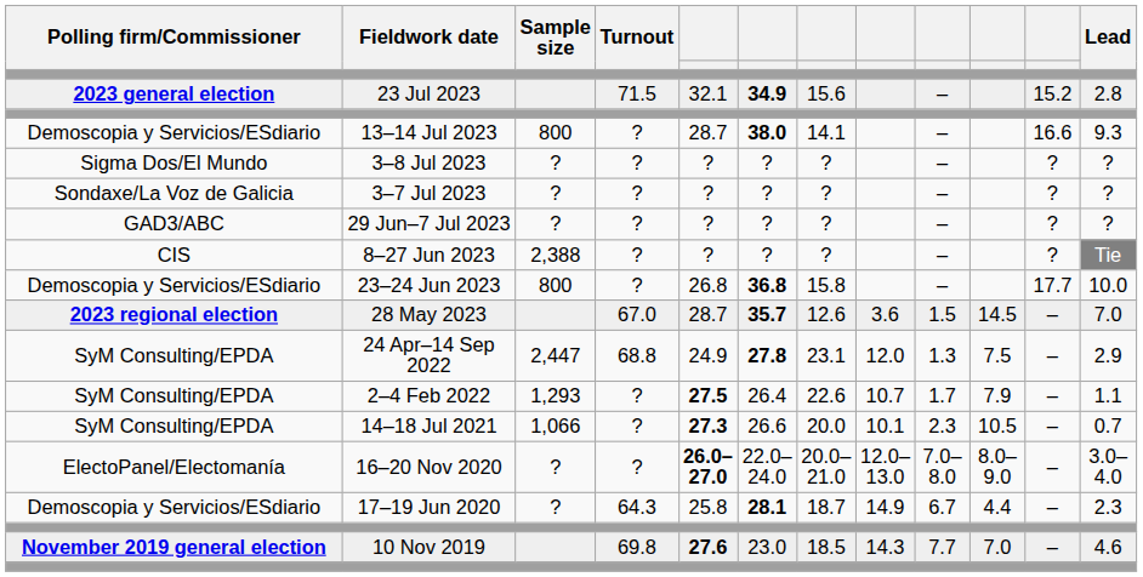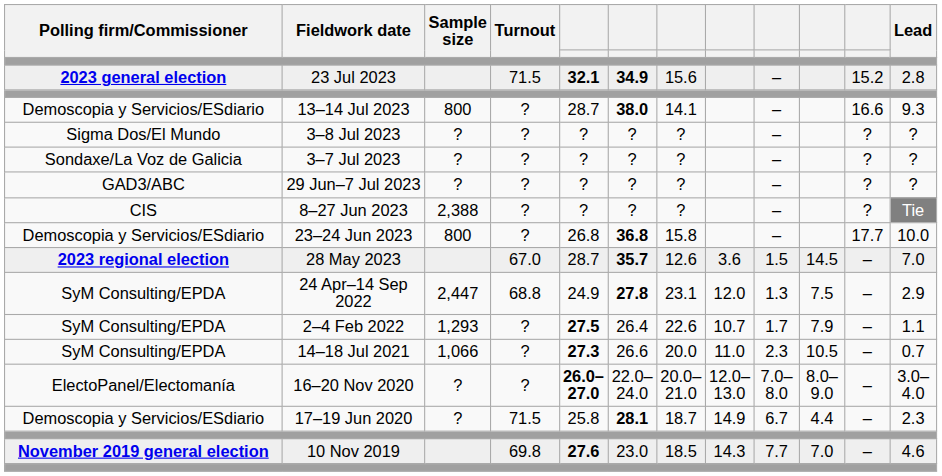 <table class="wikitable collapsible collapsed" style="text-align:center; font-size:95%; line-height:16px;">
 <tr style="height:42px;">
 <th style="width:250px;" rowspan="2">Polling firm/Commissioner</th>
 <th style="width:125px;" rowspan="2">Fieldwork date</th>
 <th style="width:50px;" rowspan="2">Sample size</th>
 <th style="width:45px;" rowspan="2">Turnout</th>
 <th style="width:35px;"></th>
 <th style="width:35px;"></th>
 <th style="width:35px;"></th>
 <th style="width:35px;"></th>
 <th style="width:35px;"></th>
 <th style="width:35px;"></th>
 <th style="width:35px;"></th>
 <th style="width:30px;" rowspan="2">Lead</th>
 </tr>
 <tr>
 <th style="color:inherit;background:"></th>
 <th style="color:inherit;background:"></th>
 <th style="color:inherit;background:"></th>
 <th style="color:inherit;background:"></th>
 <th style="color:inherit;background:"></th>
 <th style="color:inherit;background:"></th>
 <th style="color:inherit;background:"></th>
 </tr>
 <tr>
 <td colspan="12" style="background:#A0A0A0"></td>
 </tr>
 <tr style="background:#EFEFEF;">
 <td><strong><a href='#'>2023 general election</a></strong></td>
 <td>23 Jul 2023</td>
 <td></td>
 <td>71.5</td>
-<td>32.1<br></td>
+<td><strong>32.1<br></strong></td>
 <td><strong>34.9</strong><br></td>
 <td>15.6<br></td>
 <td></td>
 <td>–</td>
 <td></td>
 <td>15.2<br></td>
 <td style="background:">2.8</td>
 </tr>
 <tr>
 <td colspan="12" style="background:#A0A0A0"></td>
 </tr>
 <tr>
 <td>Demoscopia y Servicios/ESdiario</td>
 <td>13–14 Jul 2023</td>
 <td>800</td>
 <td>?</td>
 <td>28.7<br></td>
 <td><strong>38.0</strong><br></td>
 <td>14.1<br></td>
 <td></td>
 <td>–</td>
 <td></td>
 <td>16.6<br></td>
 <td style="background:">9.3</td>
 </tr>
 <tr>
 <td>Sigma Dos/El Mundo</td>
 <td>3–8 Jul 2023</td>
 <td>?</td>
 <td>?</td>
 <td>?<br></td>
 <td>?<br></td>
 <td>?<br></td>
 <td></td>
 <td>–</td>
 <td></td>
 <td>?<br></td>
 <td style="background:">?</td>
 </tr>
 <tr>
 <td>Sondaxe/La Voz de Galicia</td>
 <td>3–7 Jul 2023</td>
 <td>?</td>
 <td>?</td>
 <td>?<br></td>
 <td>?<br></td>
 <td>?<br></td>
 <td></td>
 <td>–</td>
 <td></td>
 <td>?<br></td>
 <td style="background:">?</td>
 </tr>
 <tr>
 <td>GAD3/ABC</td>
 <td>29 Jun–7 Jul 2023</td>
 <td>?</td>
 <td>?</td>
 <td>?<br></td>
 <td>?<br></td>
 <td>?<br></td>
 <td></td>
 <td>–</td>
 <td></td>
 <td>?<br></td>
 <td style="background:">?</td>
 </tr>
 <tr>
 <td>CIS</td>
 <td>8–27 Jun 2023</td>
 <td>2,388</td>
 <td>?</td>
 <td>?<br></td>
 <td>?<br></td>
 <td>?<br></td>
 <td></td>
 <td>–</td>
 <td></td>
 <td>?<br></td>
 <td style="background:gray; color:white;">Tie</td>
 </tr>
 <tr>
 <td>Demoscopia y Servicios/ESdiario</td>
 <td>23–24 Jun 2023</td>
 <td>800</td>
 <td>?</td>
 <td>26.8<br></td>
 <td><strong>36.8</strong><br></td>
 <td>15.8<br></td>
 <td></td>
 <td>–</td>
 <td></td>
 <td>17.7<br></td>
 <td style="background:">10.0</td>
 </tr>
 <tr style="background:#EFEFEF;">
 <td><strong><a href='#'>2023 regional election</a></strong></td>
 <td>28 May 2023</td>
 <td></td>
 <td>67.0</td>
 <td>28.7<br></td>
 <td><strong>35.7</strong><br></td>
 <td>12.6<br></td>
 <td>3.6<br></td>
 <td>1.5<br></td>
 <td>14.5<br></td>
 <td>–</td>
 <td style="background:">7.0</td>
 </tr>
 <tr>
 <td>SyM Consulting/EPDA</td>
 <td>24 Apr–14 Sep 2022</td>
 <td>2,447</td>
 <td>68.8</td>
 <td>24.9<br></td>
 <td><strong>27.8</strong><br></td>
 <td>23.1<br></td>
 <td>12.0<br></td>
 <td>1.3<br></td>
 <td>7.5<br></td>
 <td>–</td>
 <td style="background:">2.9</td>
 </tr>
 <tr>
 <td>SyM Consulting/EPDA</td>
 <td>2–4 Feb 2022</td>
 <td>1,293</td>
 <td>?</td>
 <td><strong>27.5</strong><br></td>
 <td>26.4<br></td>
 <td>22.6<br></td>
 <td>10.7<br></td>
 <td>1.7<br></td>
 <td>7.9<br></td>
 <td>–</td>
 <td style="background:">1.1</td>
 </tr>
 <tr>
 <td>SyM Consulting/EPDA</td>
 <td>14–18 Jul 2021</td>
 <td>1,066</td>
 <td>?</td>
 <td><strong>27.3</strong><br></td>
 <td>26.6<br></td>
 <td>20.0<br></td>
-<td>10.1<br></td>
+<td>11.0<br></td>
 <td>2.3<br></td>
 <td>10.5<br></td>
 <td>–</td>
 <td style="background:">0.7</td>
 </tr>
 <tr>
 <td>ElectoPanel/Electomanía</td>
 <td>16–20 Nov 2020</td>
 <td>?</td>
 <td>?</td>
 <td><strong>26.0–<br>27.0</strong></td>
 <td>22.0–<br>24.0</td>
 <td>20.0–<br>21.0</td>
 <td>12.0–<br>13.0</td>
 <td>7.0–<br>8.0</td>
 <td>8.0–<br>9.0</td>
 <td>–</td>
 <td style="background:">3.0–<br>4.0</td>
 </tr>
 <tr>
 <td>Demoscopia y Servicios/ESdiario</td>
 <td>17–19 Jun 2020</td>
 <td>?</td>
-<td>64.3</td>
+<td>71.5</td>
 <td>25.8<br></td>
 <td><strong>28.1</strong><br></td>
 <td>18.7<br></td>
 <td>14.9<br></td>
 <td>6.7<br></td>
 <td>4.4<br></td>
 <td>–</td>
 <td style="background:">2.3</td>
 </tr>
 <tr>
 <td colspan="12" style="background:#A0A0A0"></td>
 </tr>
 <tr style="background:#EFEFEF;">
 <td><strong><a href='#'>November 2019 general election</a></strong></td>
 <td>10 Nov 2019</td>
 <td></td>
 <td>69.8</td>
 <td><strong>27.6</strong><br></td>
 <td>23.0<br></td>
 <td>18.5<br></td>
 <td>14.3<br></td>
 <td>7.7<br></td>
 <td>7.0<br></td>
 <td>–</td>
 <td style="background:">4.6</td>
 </tr>
 <tr>
 <td colspan="12" style="background:#A0A0A0"></td>
 </tr>
 </table>
